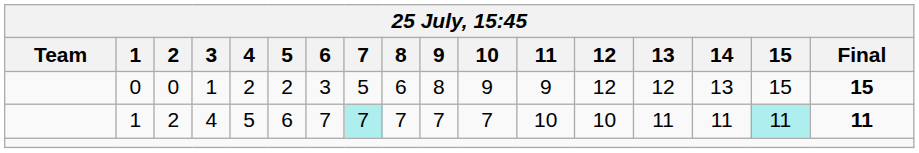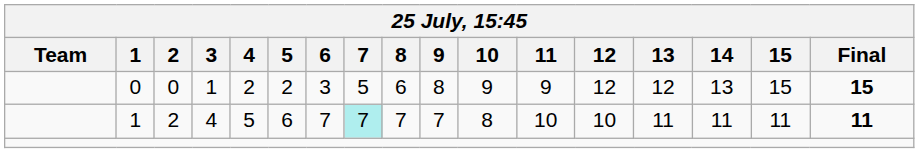 <table class=wikitable style="text-align:center; width: 55%">
 <tr>
 <th colspan=17><em>25 July, 15:45</em></th>
 </tr>
 <tr>
 <th>Team</th>
 <th>1</th>
 <th>2</th>
 <th>3</th>
 <th>4</th>
 <th>5</th>
 <th>6</th>
 <th>7</th>
 <th>8</th>
 <th>9</th>
 <th>10</th>
 <th>11</th>
 <th>12</th>
 <th>13</th>
 <th>14</th>
 <th>15</th>
 <th>Final</th>
 </tr>
 <tr>
 <td align=left><strong></strong></td>
 <td>0</td>
 <td>0</td>
 <td>1</td>
 <td>2</td>
 <td>2</td>
 <td>3</td>
 <td>5</td>
 <td>6</td>
 <td>8</td>
 <td>9</td>
 <td>9</td>
 <td>12</td>
 <td>12</td>
 <td>13</td>
 <td>15</td>
 <td><strong>15</strong></td>
 </tr>
 <tr>
 <td align=left></td>
 <td>1</td>
 <td>2</td>
 <td>4</td>
 <td>5</td>
 <td>6</td>
 <td>7</td>
 <td style="background: paleturquoise;">7</td>
 <td>7</td>
 <td>7</td>
-<td>7</td>
+<td>8</td>
 <td>10</td>
 <td>10</td>
 <td>11</td>
 <td>11</td>
-<td style="background: paleturquoise;">11</td>
+<td>11</td>
 <td><strong>11</strong></td>
 </tr>
 <tr>
 <td colspan=17></td>
 </tr>
 </table>
